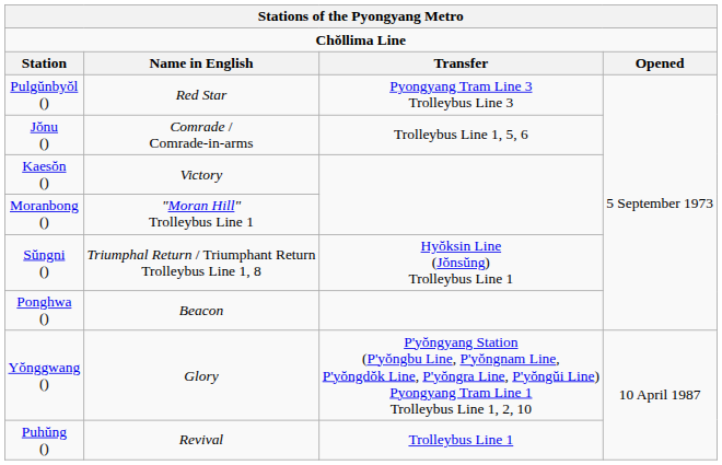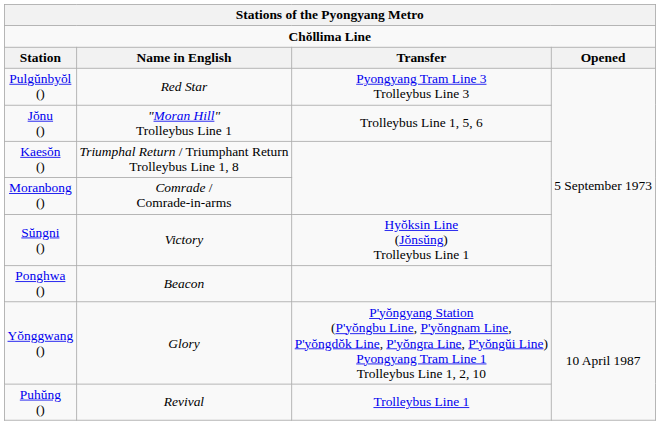 <table class="wikitable" style="text-align:center;">
 <tr>
 <th colspan=4>Stations of the Pyongyang Metro</th>
 </tr>
 <tr>
 <td colspan=4 style="background-color:#"><strong>Chŏllima Line </strong></td>
 </tr>
 <tr>
 <th>Station</th>
 <th>Name in English</th>
 <th>Transfer</th>
 <th>Opened</th>
 </tr>
 <tr>
 <td><a href='#'>Pulgŭnbyŏl</a> <br>()</td>
 <td><em>Red Star</em></td>
 <td> <a href='#'>Pyongyang Tram Line 3</a><br>Trolleybus Line 3</td>
 <td rowspan=6>5 September 1973</td>
 </tr>
 <tr>
 <td><a href='#'>Jŏnu</a><br>()</td>
-<td><em>Comrade</em> /<br> Comrade-in-arms</td>
+<td><em>"<a href='#'>Moran Hill</a>"</em><br>Trolleybus Line 1</td>
 <td>Trolleybus Line 1, 5, 6</td>
 </tr>
 <tr>
 <td><a href='#'>Kaesŏn</a><br>()</td>
-<td><em>Victory</em></td>
+<td><em>Triumphal Return</em> / Triumphant Return<br>Trolleybus Line 1, 8</td>
 </tr>
 <tr>
 <td><a href='#'>Moranbong</a><br>()</td>
-<td><em>"<a href='#'>Moran Hill</a>"</em><br>Trolleybus Line 1</td>
+<td><em>Comrade</em> /<br> Comrade-in-arms</td>
 </tr>
 <tr>
 <td><a href='#'>Sŭngni</a><br>()</td>
-<td><em>Triumphal Return</em> / Triumphant Return<br>Trolleybus Line 1, 8</td>
+<td><em>Victory</em></td>
 <td> <a href='#'>Hyŏksin Line</a><br>(<a href='#'>Jŏnsŭng</a>)<br>Trolleybus Line 1</td>
 </tr>
 <tr>
 <td><a href='#'>Ponghwa</a><br>()</td>
 <td><em>Beacon</em></td>
 <td></td>
 </tr>
 <tr>
 <td><a href='#'>Yŏnggwang</a><br>()</td>
 <td><em>Glory</em></td>
 <td> <a href='#'>P'yŏngyang Station</a><br>(<a href='#'>P'yŏngbu Line</a>, <a href='#'>P'yŏngnam Line</a>,<br><a href='#'>P'yŏngdŏk Line</a>, <a href='#'>P'yŏngra Line</a>, <a href='#'>P'yŏngŭi Line</a>)<br> <a href='#'>Pyongyang Tram Line 1</a><br>Trolleybus Line 1, 2, 10</td>
 <td rowspan="2">10 April 1987</td>
 </tr>
 <tr>
 <td><a href='#'>Puhŭng</a><br>()</td>
 <td><em>Revival</em></td>
 <td><a href='#'>Trolleybus Line 1</a></td>
 </tr>
 </table>
